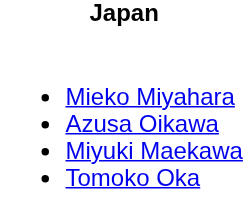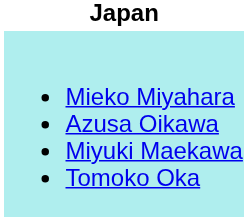 <table>
 <tr>
 <th>Japan</th>
 </tr>
 <tr>
-<td><br><ul><li><a href='#'>Mieko Miyahara</a></li><li><a href='#'>Azusa Oikawa</a></li><li><a href='#'>Miyuki Maekawa</a></li><li><a href='#'>Tomoko Oka</a></li></ul></td>
+<td style="background: paleturquoise;"><br><ul><li><a href='#'>Mieko Miyahara</a></li><li><a href='#'>Azusa Oikawa</a></li><li><a href='#'>Miyuki Maekawa</a></li><li><a href='#'>Tomoko Oka</a></li></ul></td>
 </tr>
 </table>
